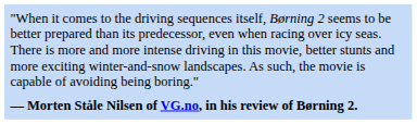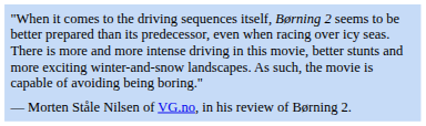 <table class="toccolours" style="float: right; margin-left: 1em; margin-right: 2em; font-size: 85%; background:#c6dbf7; color:black; width:30em; max-width: 40%;" cellspacing="5">
 <tr>
 <td style="text-align: left;">"When it comes to the driving sequences itself, <em>Børning 2</em> seems to be better prepared than its predecessor, even when racing over icy seas. There is more and more intense driving in this movie, better stunts and more exciting winter-and-snow landscapes. As such, the movie is capable of avoiding being boring."</td>
 </tr>
 <tr>
-<td style="text-align: left;"><strong>— Morten Ståle Nilsen of <a href='#'>VG.no</a>, in his review of Børning 2.</strong></td>
+<td style="text-align: left;">— Morten Ståle Nilsen of <a href='#'>VG.no</a>, in his review of Børning 2.</td>
 </tr>
 </table>
